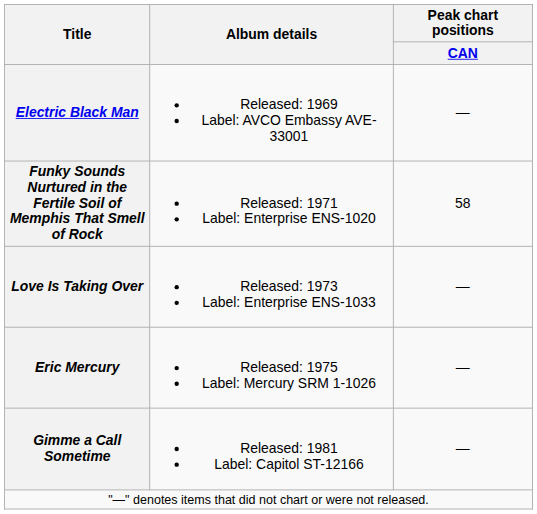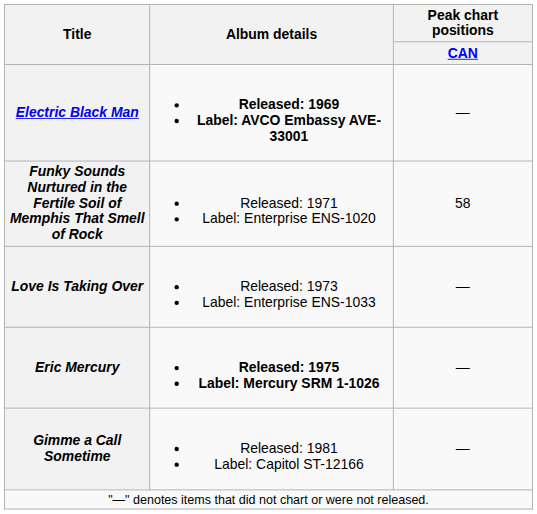 <table class="wikitable plainrowheaders" style="text-align:center;">
 <tr>
 <th scope="col" rowspan="2" style="width:10em;">Title</th>
 <th scope="col" rowspan="2" style="width:17em;">Album details</th>
 <th scope="col" colspan="1">Peak chart positions</th>
 </tr>
 <tr>
 <th><a href='#'>CAN</a></th>
 </tr>
 <tr>
 <th scope="row"><em><a href='#'>Electric Black Man</a></em></th>
-<td><br><ul><li>Released: 1969</li><li>Label: AVCO Embassy AVE-33001</li></ul></td>
+<td><strong><br><ul><li>Released: 1969</li><li>Label: AVCO Embassy AVE-33001</li></ul></strong></td>
 <td>—</td>
 </tr>
 <tr>
 <th scope="row"><em>Funky Sounds Nurtured in the Fertile Soil of Memphis That Smell of Rock</em></th>
 <td><br><ul><li>Released: 1971</li><li>Label: Enterprise ENS-1020</li></ul></td>
 <td>58</td>
 </tr>
 <tr>
 <th scope="row"><em>Love Is Taking Over</em></th>
 <td><br><ul><li>Released: 1973</li><li>Label: Enterprise ENS-1033</li></ul></td>
 <td>—</td>
 </tr>
 <tr>
 <th scope="row"><em>Eric Mercury</em></th>
-<td><br><ul><li>Released: 1975</li><li>Label: Mercury SRM 1-1026</li></ul></td>
+<td><strong><br><ul><li>Released: 1975</li><li>Label: Mercury SRM 1-1026</li></ul></strong></td>
 <td>—</td>
 </tr>
 <tr>
 <th scope="row"><em>Gimme a Call Sometime</em></th>
 <td><br><ul><li>Released: 1981</li><li>Label: Capitol ST-12166</li></ul></td>
 <td>—</td>
 </tr>
 <tr>
 <td colspan="7" style="font-size:90%">"—" denotes items that did not chart or were not released.</td>
 </tr>
 </table>
